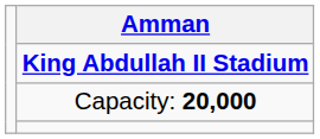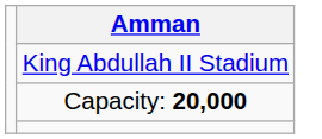 <table class="wikitable" style="text-align:center">
 <tr>
 <td rowspan="5"><br></td>
 <th colspan=3><a href='#'>Amman</a></th>
 </tr>
 <tr>
-<td><strong><a href='#'>King Abdullah II Stadium</a></strong></td>
+<td><a href='#'>King Abdullah II Stadium</a></td>
 </tr>
 <tr>
 <td>Capacity: <strong>20,000</strong></td>
 </tr>
 <tr>
 <td></td>
 </tr>
 </table>
